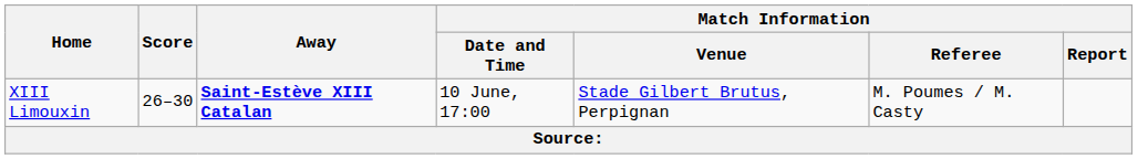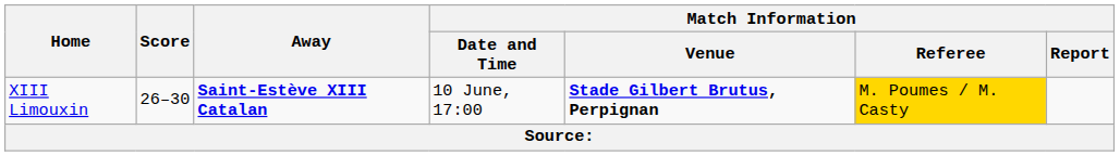 <table class="wikitable defaultcenter col1left col3left">
 <tr>
 <th scope="col" rowspan=2>Home</th>
 <th scope="col" rowspan=2>Score</th>
 <th scope="col" rowspan=2>Away</th>
 <th scope="col" colspan=4>Match Information</th>
 </tr>
 <tr>
 <th scope="col">Date and Time</th>
 <th scope="col">Venue</th>
 <th scope="col">Referee</th>
 <th scope="col">Report</th>
 </tr>
 <tr>
 <td> <a href='#'>XIII Limouxin</a></td>
 <td>26–30</td>
 <td> <strong><a href='#'>Saint-Estève XIII Catalan</a></strong></td>
 <td>10 June, 17:00</td>
-<td><a href='#'>Stade Gilbert Brutus</a>, Perpignan</td>
-<td>M. Poumes / M. Casty</td>
+<td><strong><a href='#'>Stade Gilbert Brutus</a>, Perpignan</strong></td>
+<td style="background: gold;">M. Poumes / M. Casty</td>
 <td></td>
 </tr>
 <tr>
 <th colspan=7>Source:</th>
 </tr>
 </table>
